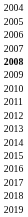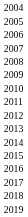 <table>
 <tr>
 <td>2004</td>
 <td></td>
 <td></td>
 <td></td>
 </tr>
 <tr>
 <td>2005</td>
 <td></td>
 <td></td>
 <td></td>
 </tr>
 <tr>
 <td>2006</td>
 <td></td>
 <td></td>
 <td></td>
 </tr>
 <tr>
 <td>2007</td>
 <td></td>
 <td></td>
 <td></td>
 </tr>
 <tr>
-<td><strong>2008</strong></td>
+<td>2008</td>
 <td></td>
 <td></td>
 <td></td>
 </tr>
 <tr>
 <td>2009</td>
 <td></td>
 <td></td>
 <td></td>
 </tr>
 <tr>
 <td>2010</td>
 <td></td>
 <td></td>
 <td></td>
 </tr>
 <tr>
 <td>2011</td>
 <td></td>
 <td></td>
 <td></td>
 </tr>
 <tr>
 <td>2012</td>
 <td></td>
 <td></td>
 <td></td>
 </tr>
 <tr>
 <td>2013</td>
 <td></td>
 <td></td>
 <td></td>
 </tr>
 <tr>
 <td>2014</td>
 <td></td>
 <td></td>
 <td></td>
 </tr>
 <tr>
 <td>2015</td>
 <td></td>
 <td></td>
 <td></td>
 </tr>
 <tr>
 <td>2016</td>
 <td></td>
 <td></td>
 <td></td>
 </tr>
 <tr>
 <td>2017</td>
 <td></td>
 <td></td>
 <td></td>
 </tr>
 <tr>
 <td>2018</td>
 <td></td>
 <td></td>
 <td></td>
 </tr>
 <tr>
 <td>2019</td>
 <td></td>
 <td></td>
 <td></td>
 </tr>
 </table>
